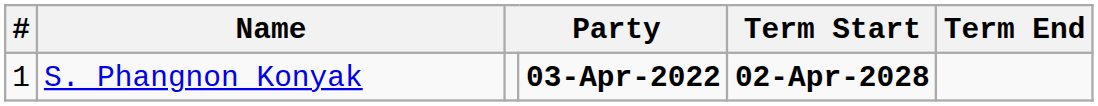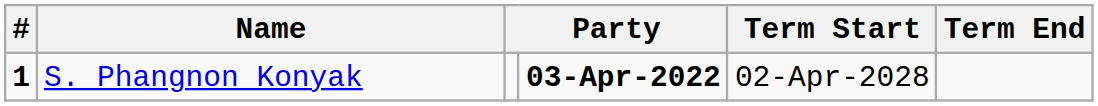 <table class="wikitable sortable">
 <tr>
 <th>#</th>
 <th style="width:200px">Name</th>
 <th colspan="2">Party</th>
 <th>Term Start</th>
 <th>Term End</th>
 </tr>
 <tr>
-<td>1</td>
+<td><strong>1</strong></td>
 <td><a href='#'>S. Phangnon Konyak</a></td>
 <td></td>
 <td><strong>03-Apr-2022</strong></td>
-<td><strong>02-Apr-2028</strong></td>
+<td>02-Apr-2028</td>
 </tr>
 </table>
